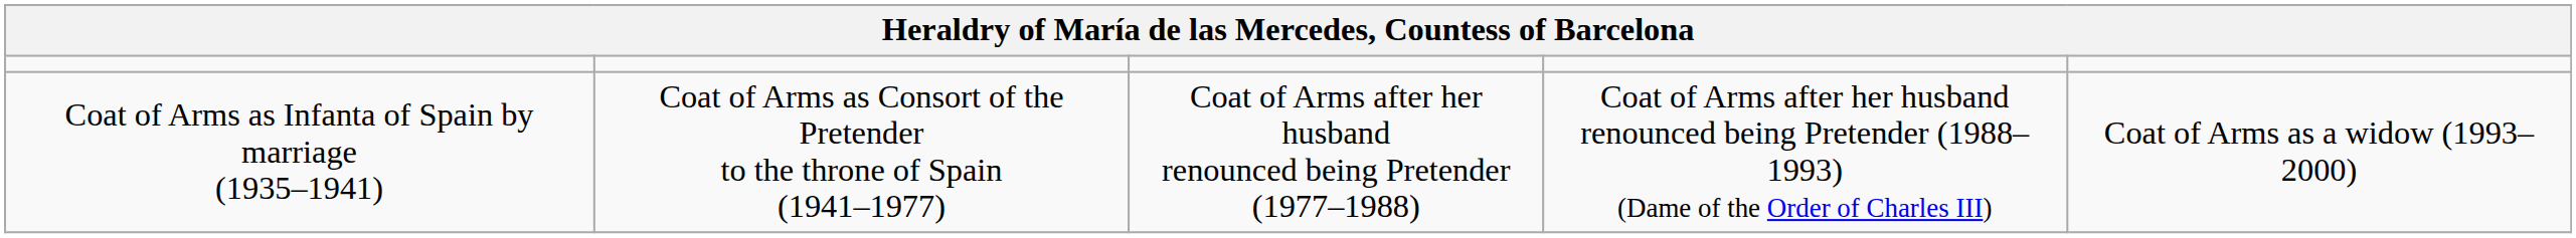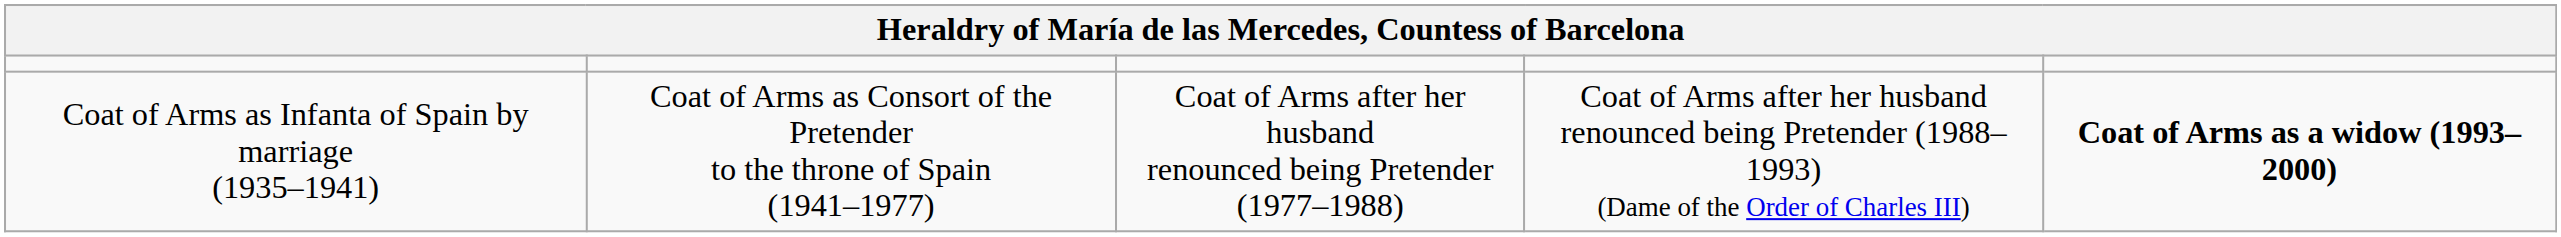 <table class="wikitable collapsible collapsed"  style="min-width:50em; margin:auto; text-align:center;">
 <tr>
 <th colspan=5>Heraldry of María de las Mercedes, Countess of Barcelona</th>
 </tr>
 <tr>
 <td></td>
 <td></td>
 <td></td>
 <td></td>
 <td></td>
 </tr>
 <tr>
 <td>Coat of Arms as Infanta of Spain by marriage<br> (1935–1941)</td>
 <td>Coat of Arms as Consort of the Pretender<br>to the throne of Spain<br> (1941–1977)</td>
 <td>Coat of Arms after her husband<br>renounced being Pretender<br> (1977–1988)</td>
 <td>Coat of Arms after her husband<br>renounced being Pretender (1988–1993)<br><small>(Dame of the <a href='#'>Order of Charles III</a>)</small></td>
-<td>Coat of Arms as a widow (1993–2000)</td>
+<td><strong>Coat of Arms as a widow (1993–2000)</strong></td>
 </tr>
 </table>
